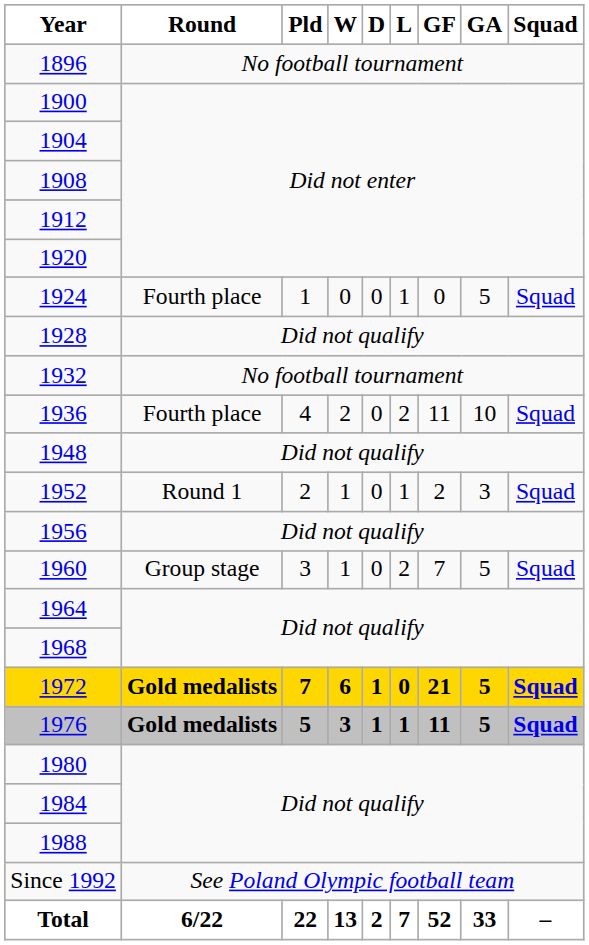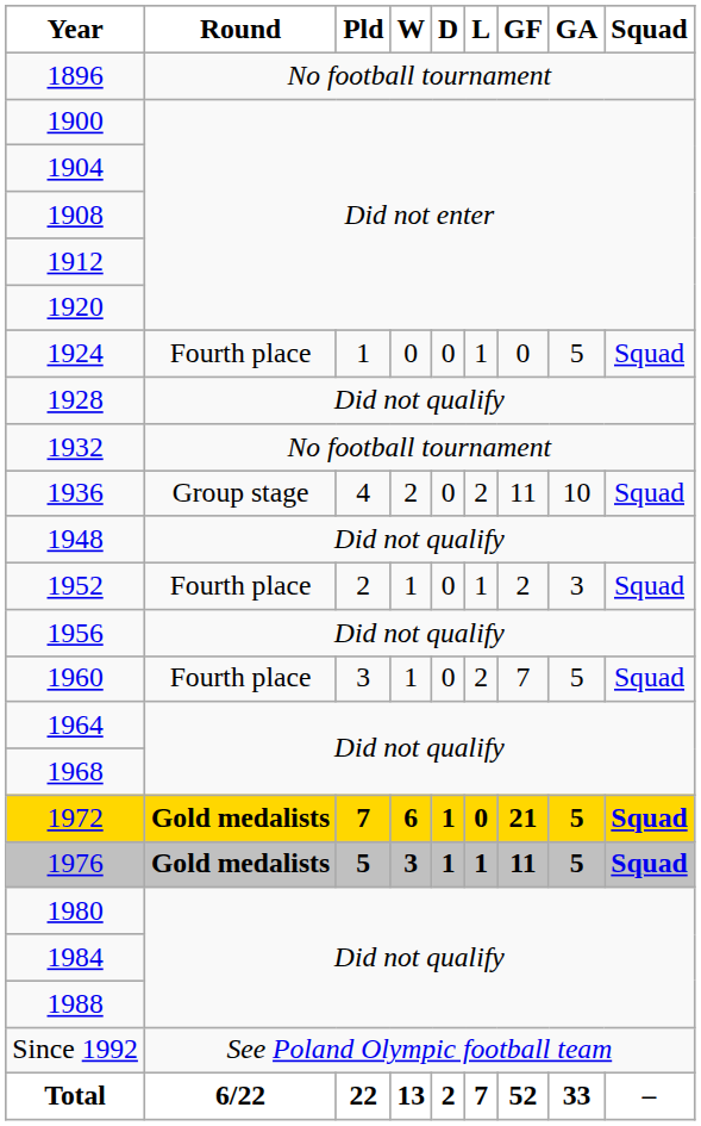 <table class="wikitable" style="font-size:90%; text-align: center">
 <tr>
 <th style="background: white; color: #000000;">Year</th>
 <th style="background: white; color: #000000;">Round</th>
 <th style="background: white; color: #000000;">Pld</th>
 <th style="background: white; color: #000000;">W</th>
 <th style="background: white; color: #000000;">D</th>
 <th style="background: white; color: #000000;">L</th>
 <th style="background: white; color: #000000;">GF</th>
 <th style="background: white; color: #000000;">GA</th>
 <th style="background: white; color: #000000;">Squad</th>
 </tr>
 <tr>
 <td> <a href='#'>1896</a></td>
 <td colspan=8><em>No football tournament</em></td>
 </tr>
 <tr>
 <td> <a href='#'>1900</a></td>
 <td colspan=8 rowspan=5><em>Did not enter</em></td>
 </tr>
 <tr>
 <td> <a href='#'>1904</a></td>
 </tr>
 <tr>
 <td> <a href='#'>1908</a></td>
 </tr>
 <tr>
 <td> <a href='#'>1912</a></td>
 </tr>
 <tr>
 <td> <a href='#'>1920</a></td>
 </tr>
 <tr>
 <td> <a href='#'>1924</a></td>
 <td>Fourth place</td>
 <td>1</td>
 <td>0</td>
 <td>0</td>
 <td>1</td>
 <td>0</td>
 <td>5</td>
 <td><a href='#'>Squad</a></td>
 </tr>
 <tr>
 <td> <a href='#'>1928</a></td>
 <td colspan=8><em>Did not qualify</em></td>
 </tr>
 <tr>
 <td> <a href='#'>1932</a></td>
 <td colspan=8><em>No football tournament</em></td>
 </tr>
 <tr>
 <td> <a href='#'>1936</a></td>
-<td>Fourth place</td>
+<td>Group stage</td>
 <td>4</td>
 <td>2</td>
 <td>0</td>
 <td>2</td>
 <td>11</td>
 <td>10</td>
 <td><a href='#'>Squad</a></td>
 </tr>
 <tr>
 <td> <a href='#'>1948</a></td>
 <td colspan=8><em>Did not qualify</em></td>
 </tr>
 <tr>
 <td> <a href='#'>1952</a></td>
-<td>Round 1</td>
+<td>Fourth place</td>
 <td>2</td>
 <td>1</td>
 <td>0</td>
 <td>1</td>
 <td>2</td>
 <td>3</td>
 <td><a href='#'>Squad</a></td>
 </tr>
 <tr>
 <td> <a href='#'>1956</a></td>
 <td colspan=8><em>Did not qualify</em></td>
 </tr>
 <tr>
 <td> <a href='#'>1960</a></td>
-<td>Group stage</td>
+<td>Fourth place</td>
 <td>3</td>
 <td>1</td>
 <td>0</td>
 <td>2</td>
 <td>7</td>
 <td>5</td>
 <td><a href='#'>Squad</a></td>
 </tr>
 <tr>
 <td> <a href='#'>1964</a></td>
 <td colspan=8 rowspan=2><em>Did not qualify</em></td>
 </tr>
 <tr>
 <td> <a href='#'>1968</a></td>
 </tr>
 <tr bgcolor=gold>
 <td> <a href='#'>1972</a></td>
 <td><strong>Gold medalists</strong></td>
 <td><strong>7</strong></td>
 <td><strong>6</strong></td>
 <td><strong>1</strong></td>
 <td><strong>0</strong></td>
 <td><strong>21</strong></td>
 <td><strong>5</strong></td>
 <td><strong><a href='#'>Squad</a></strong></td>
 </tr>
 <tr bgcolor=silver>
 <td> <a href='#'>1976</a></td>
 <td><strong>Gold medalists</strong></td>
 <td><strong>5</strong></td>
 <td><strong>3</strong></td>
 <td><strong>1</strong></td>
 <td><strong>1</strong></td>
 <td><strong>11</strong></td>
 <td><strong>5</strong></td>
 <td><strong><a href='#'>Squad</a></strong></td>
 </tr>
 <tr>
 <td> <a href='#'>1980</a></td>
 <td colspan=8 rowspan=3><em>Did not qualify</em></td>
 </tr>
 <tr>
 <td> <a href='#'>1984</a></td>
 </tr>
 <tr>
 <td> <a href='#'>1988</a></td>
 </tr>
 <tr>
 <td>Since <a href='#'>1992</a></td>
 <td colspan=9><em>See <a href='#'>Poland Olympic football team</a></em></td>
 </tr>
 <tr>
 <th style="background: white; color: #000000;">Total</th>
 <th style="background: white; color: #000000;">6/22</th>
 <th style="background: white; color: #000000;">22</th>
 <th style="background: white; color: #000000;">13</th>
 <th style="background: white; color: #000000;">2</th>
 <th style="background: white; color: #000000;">7</th>
 <th style="background: white; color: #000000;">52</th>
 <th style="background: white; color: #000000;">33</th>
 <th style="background: white; color: #000000;">–</th>
 </tr>
 </table>
